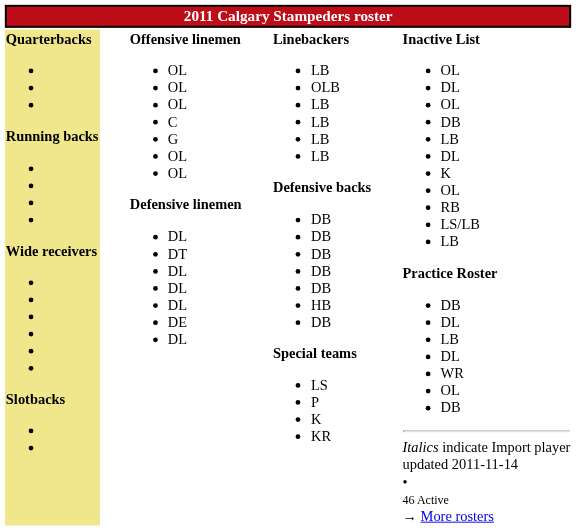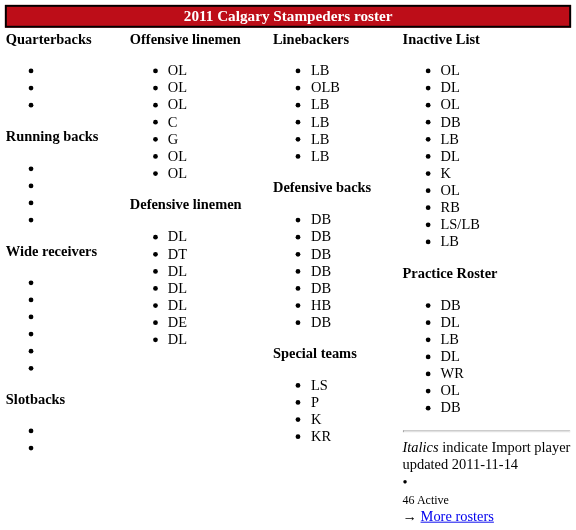 <table class="toccolours" style="text-align: left;">
 <tr>
 <th colspan="7" style="text-align:center;background-color: #bd0d18; color:white; border:2px solid black;">2011 Calgary Stampeders roster</th>
 </tr>
 <tr>
-<td style="background: khaki; font-size: 95%;" valign="top"><strong>Quarterbacks</strong><br><ul><li></li><li></li><li></li></ul><strong>Running backs</strong><ul><li></li><li></li><li></li><li></li></ul><strong>Wide receivers</strong><ul><li></li><li></li><li></li><li></li><li></li><li></li></ul><strong>Slotbacks</strong><ul><li></li><li></li></ul></td>
+<td style="font-size: 95%;" valign="top"><strong>Quarterbacks</strong><br><ul><li></li><li></li><li></li></ul><strong>Running backs</strong><ul><li></li><li></li><li></li><li></li></ul><strong>Wide receivers</strong><ul><li></li><li></li><li></li><li></li><li></li><li></li></ul><strong>Slotbacks</strong><ul><li></li><li></li></ul></td>
 <td style="width: 25px;"></td>
 <td style="font-size: 95%;" valign="top"><strong>Offensive linemen</strong><br><ul><li> OL</li><li> OL</li><li> OL</li><li> C</li><li> G</li><li> OL</li><li> OL</li></ul><strong>Defensive linemen</strong><ul><li> DL</li><li> DT</li><li> DL</li><li> DL</li><li> DL</li><li> DE</li><li> DL</li></ul></td>
 <td style="width: 25px;"></td>
 <td style="font-size: 95%;" valign="top"><strong>Linebackers </strong><br><ul><li> LB</li><li> OLB</li><li> LB</li><li> LB</li><li> LB</li><li> LB</li></ul><strong>Defensive backs</strong><ul><li> DB</li><li> DB</li><li> DB</li><li> DB</li><li> DB</li><li> HB</li><li> DB</li></ul><strong>Special teams</strong><ul><li> LS</li><li> P</li><li> K</li><li> KR</li></ul></td>
 <td style="width: 25px;"></td>
 <td style="font-size: 95%;" valign="top"><strong>Inactive List</strong><br><ul><li> OL </li><li> DL </li><li> OL </li><li> DB </li><li> LB </li><li> DL </li><li> K </li><li> OL </li><li> RB  </li><li> LS/LB </li><li> LB </li></ul><strong>Practice Roster</strong><ul><li> DB</li><li> DL</li><li> LB</li><li> DL</li><li> WR</li><li> OL</li><li> DB</li></ul><hr> <em>Italics</em> indicate Import player<br> <span></span> updated 2011-11-14<br> <span></span> • <span></span><br> <small>46 Active</small><br>→ <a href='#'>More rosters</a></td>
 </tr>
 <tr>
 </tr>
 </table>
